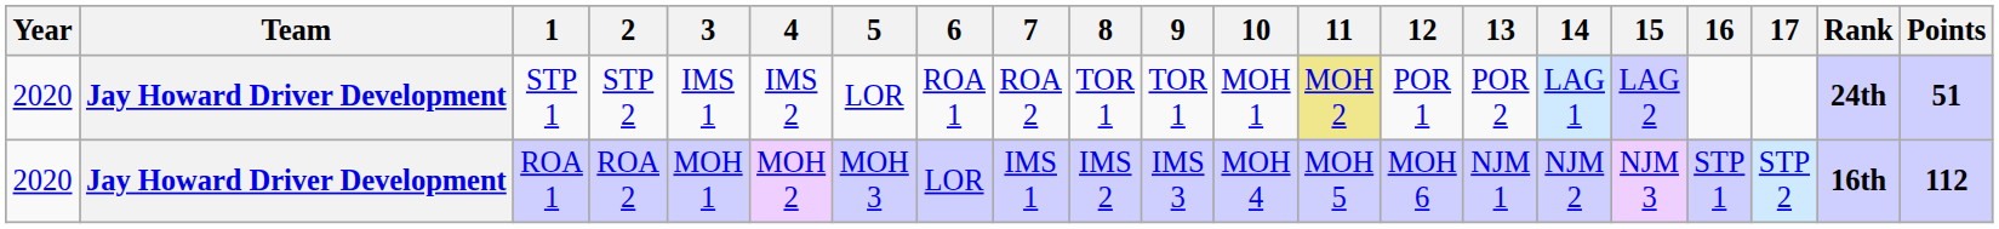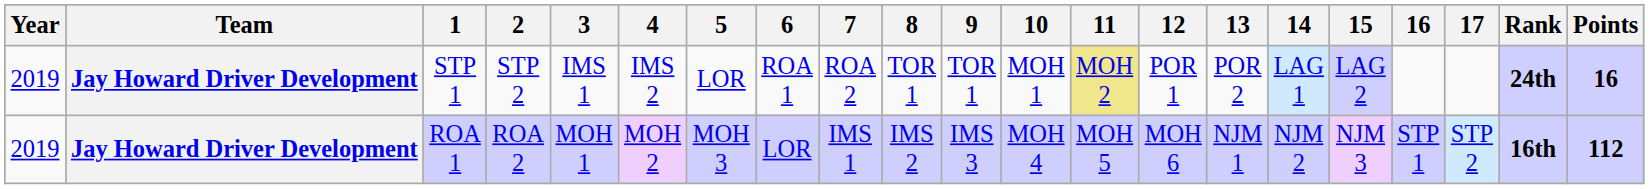 <table class="wikitable" style="text-align:center; font-size:90%">
 <tr>
 <th>Year</th>
 <th>Team</th>
 <th>1</th>
 <th>2</th>
 <th>3</th>
 <th>4</th>
 <th>5</th>
 <th>6</th>
 <th>7</th>
 <th>8</th>
 <th>9</th>
 <th>10</th>
 <th>11</th>
 <th>12</th>
 <th>13</th>
 <th>14</th>
 <th>15</th>
 <th>16</th>
 <th>17</th>
 <th>Rank</th>
 <th>Points</th>
 </tr>
 <tr>
-<td><a href='#'>2020</a></td>
+<td><a href='#'>2019</a></td>
 <th><a href='#'>Jay Howard Driver Development</a></th>
 <td><a href='#'>STP<br>1</a></td>
 <td><a href='#'>STP<br>2</a></td>
 <td><a href='#'>IMS<br>1</a></td>
 <td><a href='#'>IMS<br>2</a></td>
 <td><a href='#'>LOR</a></td>
 <td><a href='#'>ROA<br>1</a></td>
 <td><a href='#'>ROA<br>2</a></td>
 <td><a href='#'>TOR<br>1</a></td>
 <td><a href='#'>TOR<br>1</a></td>
 <td><a href='#'>MOH<br>1</a></td>
 <td style="background: khaki;"><a href='#'>MOH<br>2</a></td>
 <td><a href='#'>POR<br>1</a></td>
 <td><a href='#'>POR<br>2</a></td>
 <td style="background:#cfeaff;"><a href='#'>LAG<br>1</a><br></td>
 <td style="background:#cfcfff;"><a href='#'>LAG<br>2</a><br></td>
 <td></td>
 <td></td>
 <th style="background:#CFCFFF;">24th</th>
-<th style="background:#CFCFFF;">51</th>
+<th style="background:#CFCFFF;">16</th>
 </tr>
 <tr>
-<td><a href='#'>2020</a></td>
+<td><a href='#'>2019</a></td>
 <th><a href='#'>Jay Howard Driver Development</a></th>
 <td style="background:#cfcfff;"><a href='#'>ROA<br>1</a><br></td>
 <td style="background:#cfcfff;"><a href='#'>ROA<br>2</a><br></td>
 <td style="background:#cfcfff;"><a href='#'>MOH<br>1</a><br></td>
 <td style="background:#efcfff;"><a href='#'>MOH<br>2</a><br></td>
 <td style="background:#cfcfff;"><a href='#'>MOH<br>3</a><br></td>
 <td style="background:#cfcfff;"><a href='#'>LOR</a><br></td>
 <td style="background:#cfcfff;"><a href='#'>IMS<br>1</a><br></td>
 <td style="background:#cfcfff;"><a href='#'>IMS<br>2</a><br></td>
 <td style="background:#cfcfff;"><a href='#'>IMS<br>3</a><br></td>
 <td style="background:#cfcfff;"><a href='#'>MOH<br>4</a><br></td>
 <td style="background:#cfcfff;"><a href='#'>MOH<br>5</a><br></td>
 <td style="background:#cfcfff;"><a href='#'>MOH<br>6</a><br></td>
 <td style="background:#cfcfff;"><a href='#'>NJM<br>1</a><br></td>
 <td style="background:#cfcfff;"><a href='#'>NJM<br>2</a><br></td>
 <td style="background:#efcfff;"><a href='#'>NJM<br>3</a><br></td>
 <td style="background:#cfcfff;"><a href='#'>STP<br>1</a><br></td>
 <td style="background:#cfeaff;"><a href='#'>STP<br>2</a><br></td>
 <th style="background:#CFCFFF;">16th</th>
 <th style="background:#CFCFFF;">112</th>
 </tr>
 </table>
